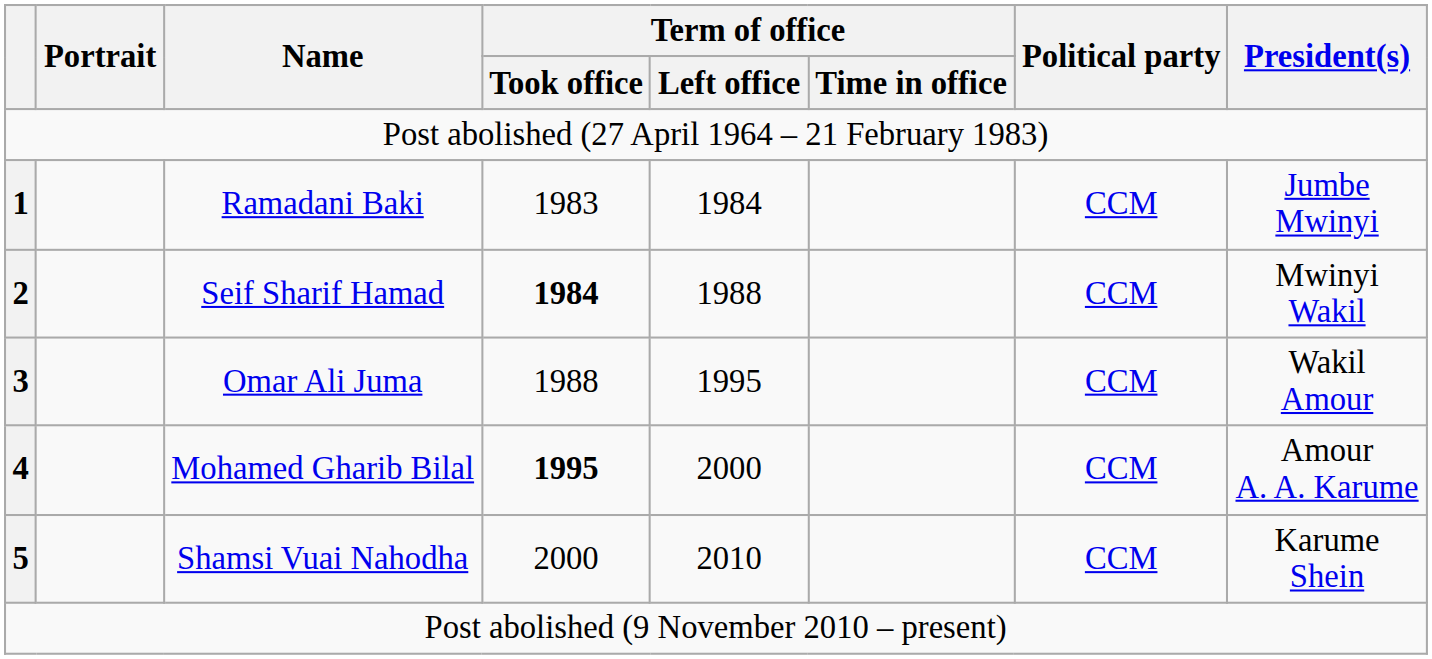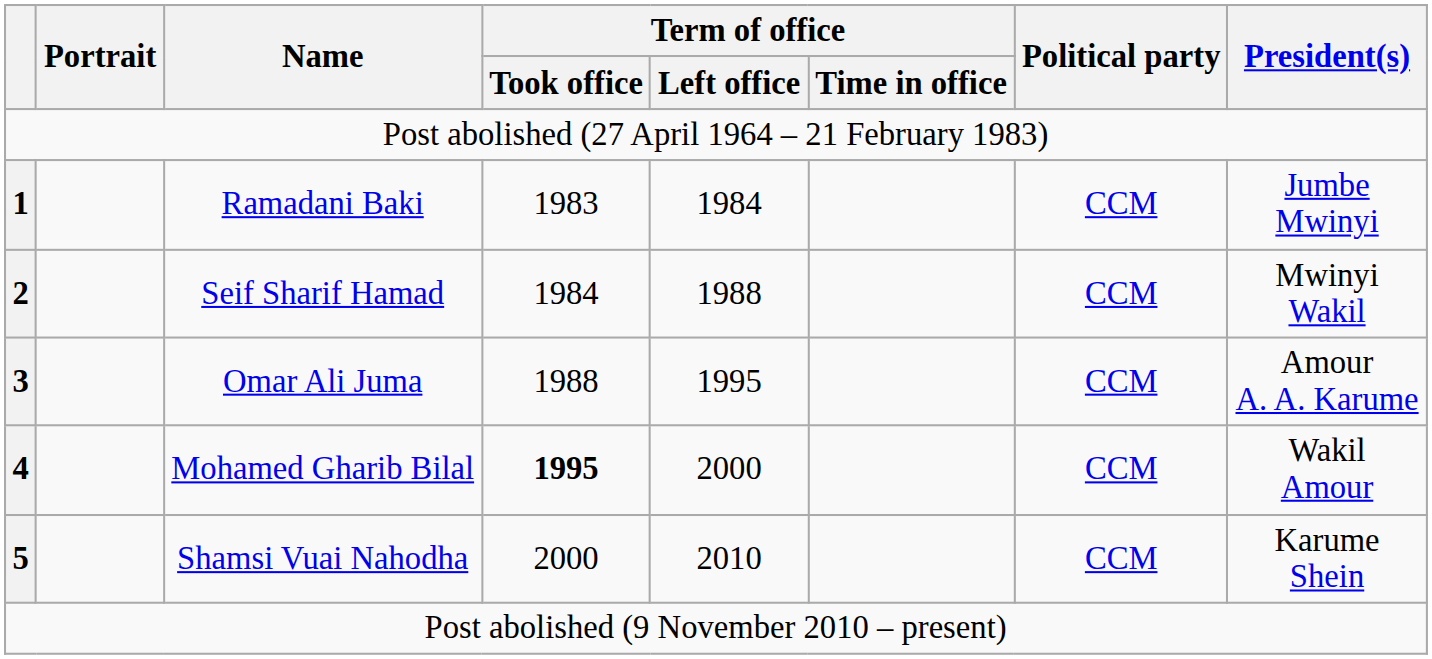 <table class="wikitable" style="text-align:center">
 <tr>
 <th rowspan="2"></th>
 <th rowspan="2">Portrait</th>
 <th rowspan="2">Name<br></th>
 <th colspan="3">Term of office</th>
 <th rowspan="2">Political party</th>
 <th rowspan="2"><a href='#'>President(s)</a></th>
 </tr>
 <tr>
 <th>Took office</th>
 <th>Left office</th>
 <th>Time in office</th>
 </tr>
 <tr>
 <td colspan="9">Post abolished (27 April 1964 – 21 February 1983)</td>
 </tr>
 <tr>
 <th style="background:">1</th>
 <td></td>
 <td><a href='#'>Ramadani Baki</a><br></td>
 <td> 1983</td>
 <td> 1984</td>
 <td></td>
 <td><a href='#'>CCM</a></td>
 <td><a href='#'>Jumbe</a><br><a href='#'>Mwinyi</a></td>
 </tr>
 <tr>
 <th style="background:">2</th>
 <td></td>
 <td><a href='#'>Seif Sharif Hamad</a><br></td>
-<td><strong> 1984</strong></td>
+<td> 1984</td>
 <td> 1988</td>
 <td></td>
 <td><a href='#'>CCM</a></td>
 <td>Mwinyi<br><a href='#'>Wakil</a></td>
 </tr>
 <tr>
 <th style="background:">3</th>
 <td></td>
 <td><a href='#'>Omar Ali Juma</a><br></td>
 <td> 1988</td>
 <td> 1995</td>
 <td></td>
 <td><a href='#'>CCM</a></td>
-<td>Wakil<br><a href='#'>Amour</a></td>
+<td>Amour<br><a href='#'>A. A. Karume</a></td>
 </tr>
 <tr>
 <th style="background:">4</th>
 <td></td>
 <td><a href='#'>Mohamed Gharib Bilal</a><br></td>
 <td><strong> 1995</strong></td>
 <td> 2000</td>
 <td></td>
 <td><a href='#'>CCM</a></td>
-<td>Amour<br><a href='#'>A. A. Karume</a></td>
+<td>Wakil<br><a href='#'>Amour</a></td>
 </tr>
 <tr>
 <th style="background:">5</th>
 <td></td>
 <td><a href='#'>Shamsi Vuai Nahodha</a><br></td>
 <td> 2000</td>
 <td> 2010</td>
 <td></td>
 <td><a href='#'>CCM</a></td>
 <td>Karume<br><a href='#'>Shein</a></td>
 </tr>
 <tr>
 <td colspan="9">Post abolished (9 November 2010 – present)</td>
 </tr>
 </table>
